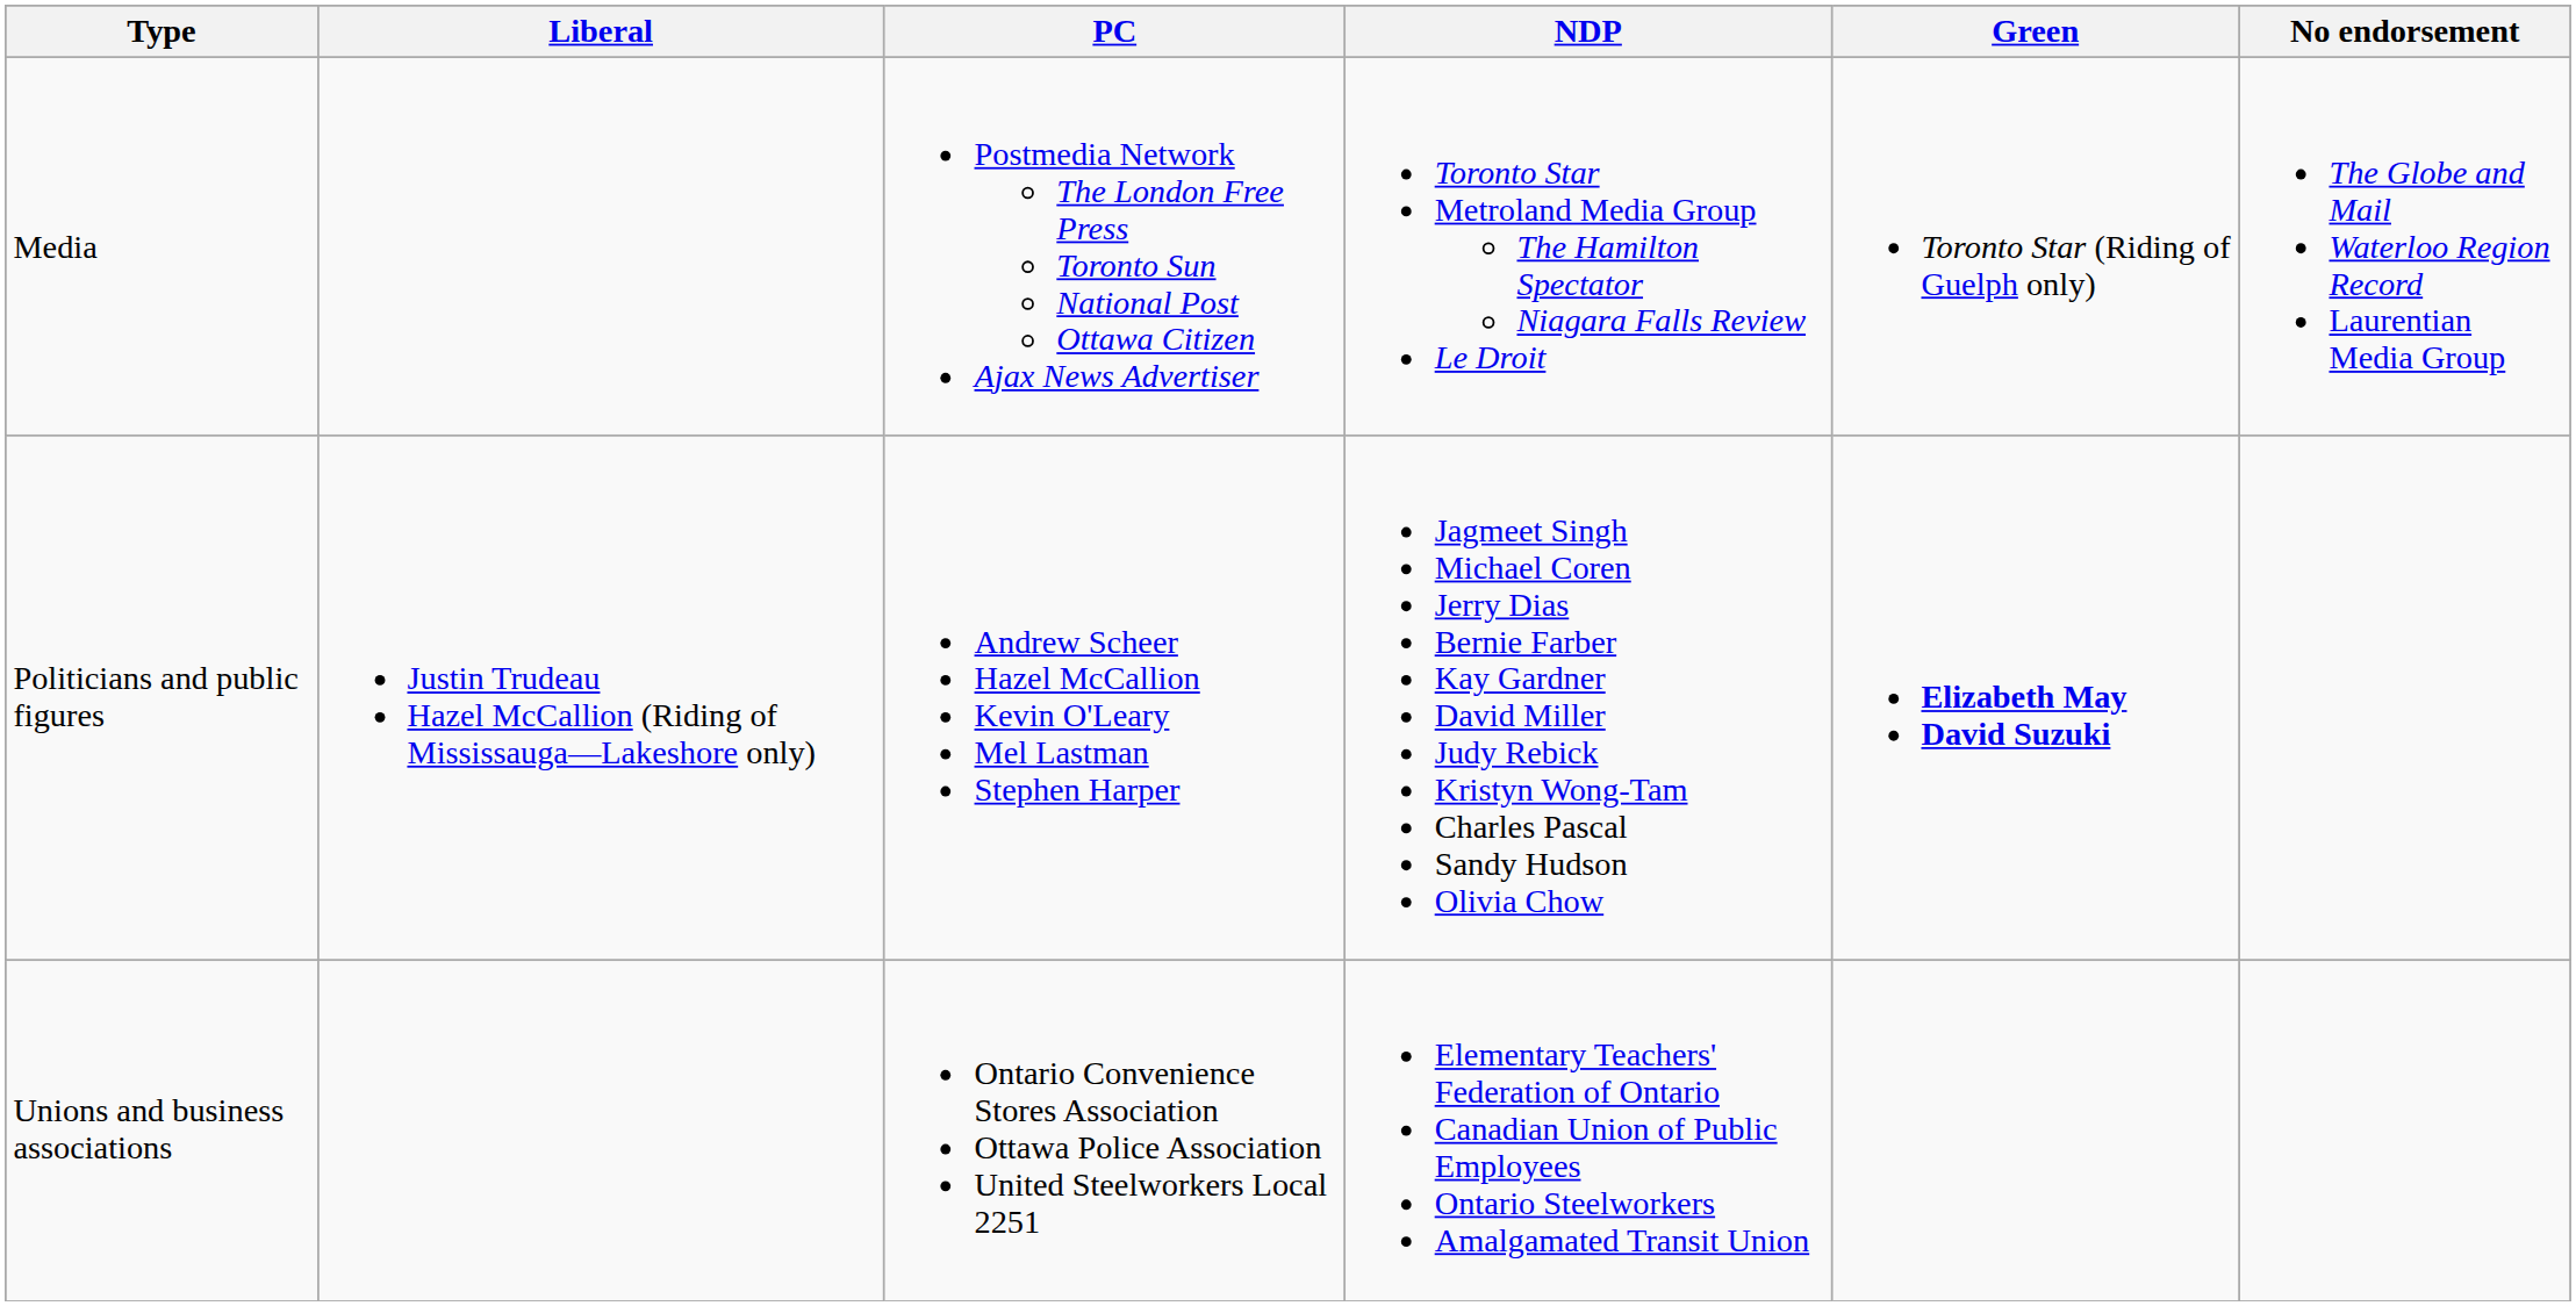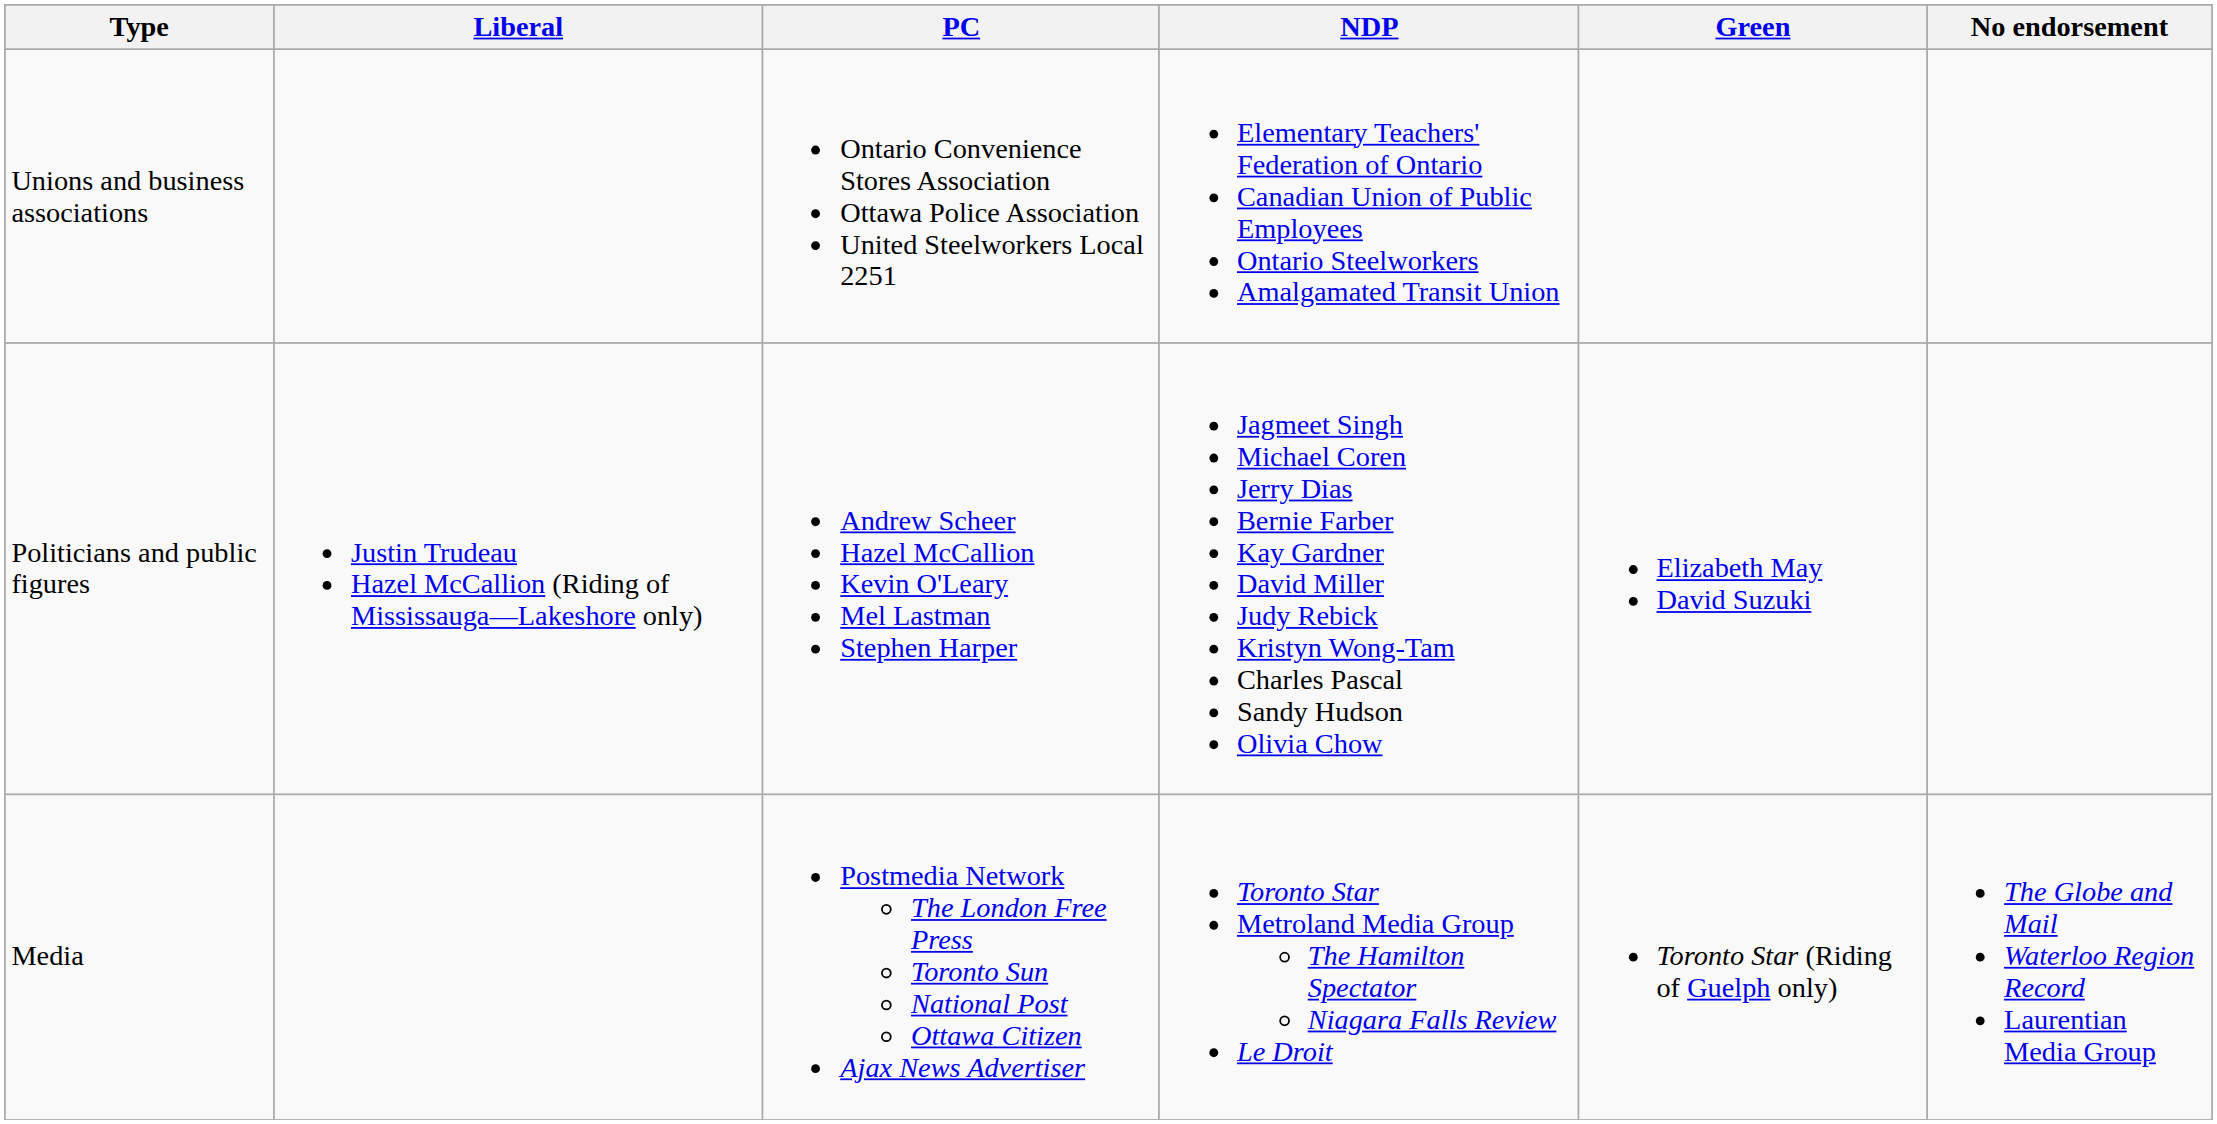 <table class="wikitable">
 <tr>
 <th>Type</th>
 <th style="background-color:"><strong><a href='#'>Liberal</a></strong></th>
 <th style="background-color:"><strong><a href='#'>PC</a></strong></th>
 <th style="background-color:"><strong><a href='#'>NDP</a></strong></th>
 <th style="background-color:"><strong><a href='#'>Green</a></strong></th>
 <th style="background-color:"><strong>No endorsement</strong></th>
 </tr>
 <tr>
+<td>Unions and business associations</td>
+<td></td>
+<td><br><ul><li>Ontario Convenience Stores Association</li><li>Ottawa Police Association</li><li>United Steelworkers Local 2251</li></ul></td>
+<td><br><ul><li><a href='#'>Elementary Teachers' Federation of Ontario</a></li><li><a href='#'>Canadian Union of Public Employees</a></li><li><a href='#'>Ontario Steelworkers</a></li><li><a href='#'>Amalgamated Transit Union</a></li></ul></td>
+<td></td>
+<td></td>
+</tr>
+<tr>
+<td>Politicians and public figures</td>
+<td><br><ul><li><a href='#'>Justin Trudeau</a></li><li><a href='#'>Hazel McCallion</a> (Riding of <a href='#'>Mississauga—Lakeshore</a> only)</li></ul></td>
+<td><br><ul><li><a href='#'>Andrew Scheer</a></li><li><a href='#'>Hazel McCallion</a></li><li><a href='#'>Kevin O'Leary</a></li><li><a href='#'>Mel Lastman</a></li><li><a href='#'>Stephen Harper</a></li></ul></td>
+<td><br><ul><li><a href='#'>Jagmeet Singh</a></li><li><a href='#'>Michael Coren</a></li><li><a href='#'>Jerry Dias</a></li><li><a href='#'>Bernie Farber</a></li><li><a href='#'>Kay Gardner</a></li><li><a href='#'>David Miller</a></li><li><a href='#'>Judy Rebick</a></li><li><a href='#'>Kristyn Wong-Tam</a></li><li>Charles Pascal</li><li>Sandy Hudson</li><li><a href='#'>Olivia Chow</a></li></ul></td>
+<td><br><ul><li><a href='#'>Elizabeth May</a></li><li><a href='#'>David Suzuki</a></li></ul></td>
+<td></td>
+</tr>
+<tr>
 <td>Media</td>
 <td></td>
 <td><br><ul><li><a href='#'>Postmedia Network</a><ul><li><em><a href='#'>The London Free Press</a></em></li><li><em><a href='#'>Toronto Sun</a></em></li><li><em><a href='#'>National Post</a></em></li><li><em><a href='#'>Ottawa Citizen</a></em></li></ul></li><li><em><a href='#'>Ajax News Advertiser</a></em></li></ul></td>
 <td><br><ul><li><em><a href='#'>Toronto Star</a></em></li><li><a href='#'>Metroland Media Group</a><ul><li><em><a href='#'>The Hamilton Spectator</a></em></li><li><em><a href='#'>Niagara Falls Review</a></em></li></ul></li><li><em><a href='#'>Le Droit</a></em></li></ul></td>
 <td><br><ul><li><em>Toronto Star</em> (Riding of <a href='#'>Guelph</a> only)</li></ul></td>
 <td><br><ul><li><em><a href='#'>The Globe and Mail</a></em></li><li><em><a href='#'>Waterloo Region Record</a></em></li><li><a href='#'>Laurentian Media Group</a></li></ul></td>
 </tr>
-<tr>
-<td>Politicians and public figures</td>
-<td><br><ul><li><a href='#'>Justin Trudeau</a></li><li><a href='#'>Hazel McCallion</a> (Riding of <a href='#'>Mississauga—Lakeshore</a> only)</li></ul></td>
-<td><br><ul><li><a href='#'>Andrew Scheer</a></li><li><a href='#'>Hazel McCallion</a></li><li><a href='#'>Kevin O'Leary</a></li><li><a href='#'>Mel Lastman</a></li><li><a href='#'>Stephen Harper</a></li></ul></td>
-<td><br><ul><li><a href='#'>Jagmeet Singh</a></li><li><a href='#'>Michael Coren</a></li><li><a href='#'>Jerry Dias</a></li><li><a href='#'>Bernie Farber</a></li><li><a href='#'>Kay Gardner</a></li><li><a href='#'>David Miller</a></li><li><a href='#'>Judy Rebick</a></li><li><a href='#'>Kristyn Wong-Tam</a></li><li>Charles Pascal</li><li>Sandy Hudson</li><li><a href='#'>Olivia Chow</a></li></ul></td>
-<td><strong><br><ul><li><a href='#'>Elizabeth May</a></li><li><a href='#'>David Suzuki</a></li></ul></strong></td>
-<td></td>
-</tr>
-<tr>
-<td>Unions and business associations</td>
-<td></td>
-<td><br><ul><li>Ontario Convenience Stores Association</li><li>Ottawa Police Association</li><li>United Steelworkers Local 2251</li></ul></td>
-<td><br><ul><li><a href='#'>Elementary Teachers' Federation of Ontario</a></li><li><a href='#'>Canadian Union of Public Employees</a></li><li><a href='#'>Ontario Steelworkers</a></li><li><a href='#'>Amalgamated Transit Union</a></li></ul></td>
-<td></td>
-<td></td>
-</tr>
 </table>
